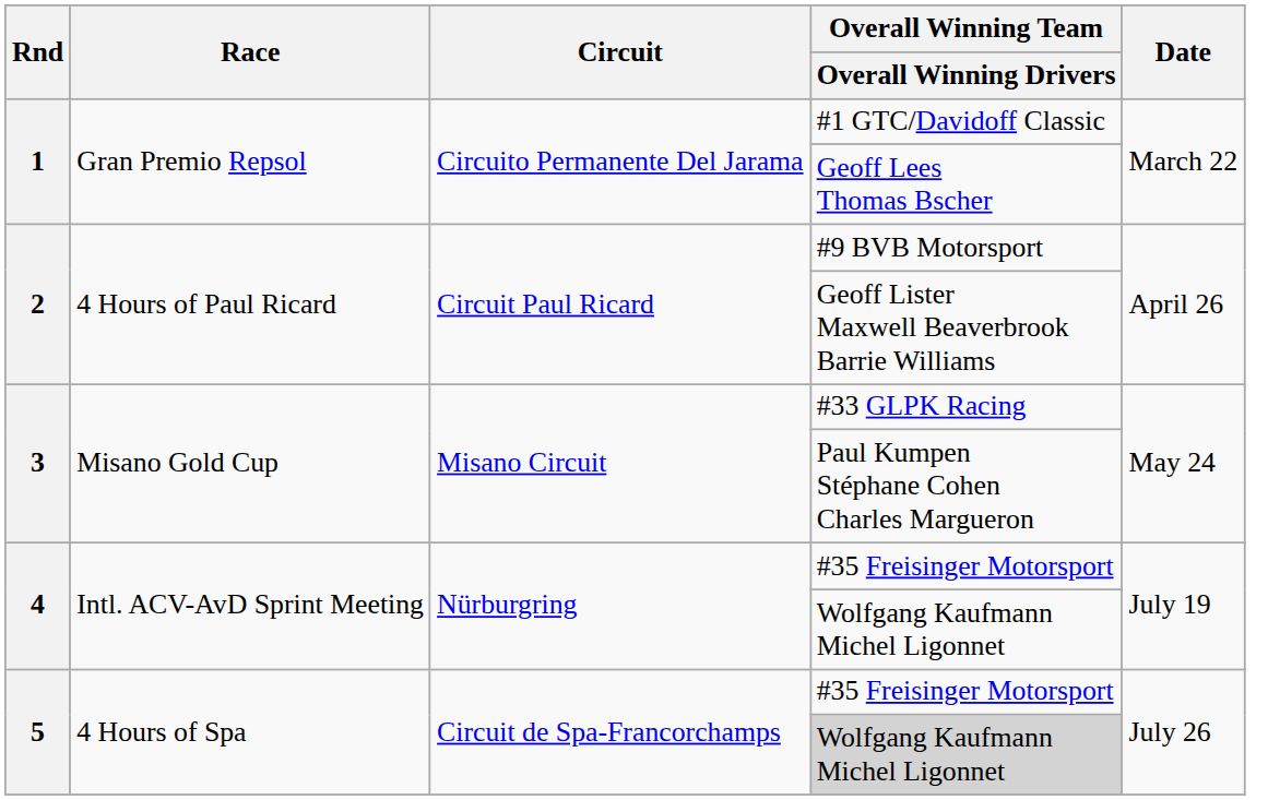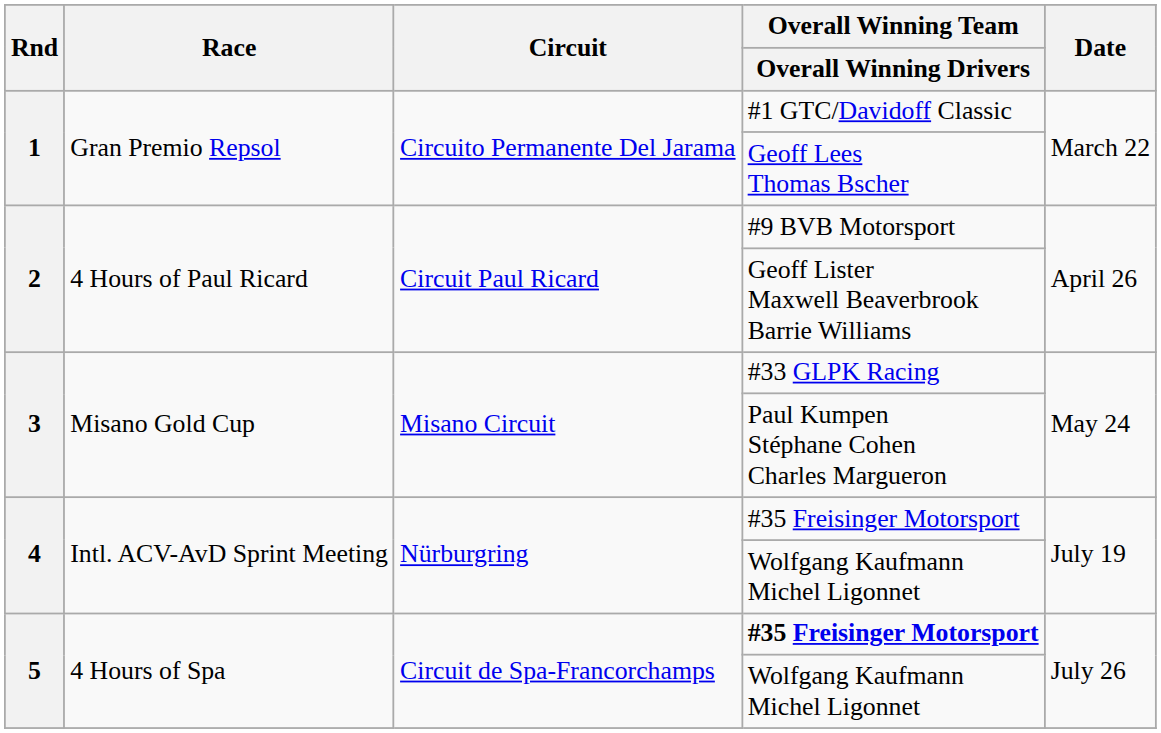 <table class="wikitable" style="font-size: 90%;">
 <tr>
 <th rowspan=2>Rnd</th>
 <th rowspan=2>Race</th>
 <th rowspan=2>Circuit</th>
 <th>Overall Winning Team</th>
 <th rowspan=2>Date</th>
 </tr>
 <tr>
 <th>Overall Winning Drivers</th>
 </tr>
 <tr>
 <th rowspan=2>1</th>
 <td rowspan=2> Gran Premio <a href='#'>Repsol</a></td>
 <td rowspan=2><a href='#'>Circuito Permanente Del Jarama</a></td>
 <td> #1 GTC/<a href='#'>Davidoff</a> Classic</td>
 <td rowspan=2>March 22</td>
 </tr>
 <tr>
 <td> <a href='#'>Geoff Lees</a><br> <a href='#'>Thomas Bscher</a></td>
 </tr>
 <tr>
 <th rowspan=2>2</th>
 <td rowspan=2> 4 Hours of Paul Ricard</td>
 <td rowspan=2><a href='#'>Circuit Paul Ricard</a></td>
 <td> #9 BVB Motorsport</td>
 <td rowspan=2>April 26</td>
 </tr>
 <tr>
 <td> Geoff Lister<br> Maxwell Beaverbrook<br> Barrie Williams</td>
 </tr>
 <tr>
 <th rowspan=2>3</th>
 <td rowspan=2> Misano Gold Cup</td>
 <td rowspan=2><a href='#'>Misano Circuit</a></td>
 <td> #33 <a href='#'>GLPK Racing</a></td>
 <td rowspan=2>May 24</td>
 </tr>
 <tr>
 <td> Paul Kumpen<br> Stéphane Cohen<br> Charles Margueron</td>
 </tr>
 <tr>
 <th rowspan=2>4</th>
 <td rowspan=2> Intl. ACV-AvD Sprint Meeting</td>
 <td rowspan=2><a href='#'>Nürburgring</a></td>
 <td> #35 <a href='#'>Freisinger Motorsport</a></td>
 <td rowspan=2>July 19</td>
 </tr>
 <tr>
 <td> Wolfgang Kaufmann<br> Michel Ligonnet</td>
 </tr>
 <tr>
 <th rowspan=2>5</th>
 <td rowspan=2> 4 Hours of Spa</td>
 <td rowspan=2><a href='#'>Circuit de Spa-Francorchamps</a></td>
-<td> #35 <a href='#'>Freisinger Motorsport</a></td>
+<td><strong> #35 <a href='#'>Freisinger Motorsport</a></strong></td>
 <td rowspan=2>July 26</td>
 </tr>
 <tr>
-<td style="background: lightgrey;"> Wolfgang Kaufmann<br> Michel Ligonnet</td>
+<td> Wolfgang Kaufmann<br> Michel Ligonnet</td>
 </tr>
 </table>
